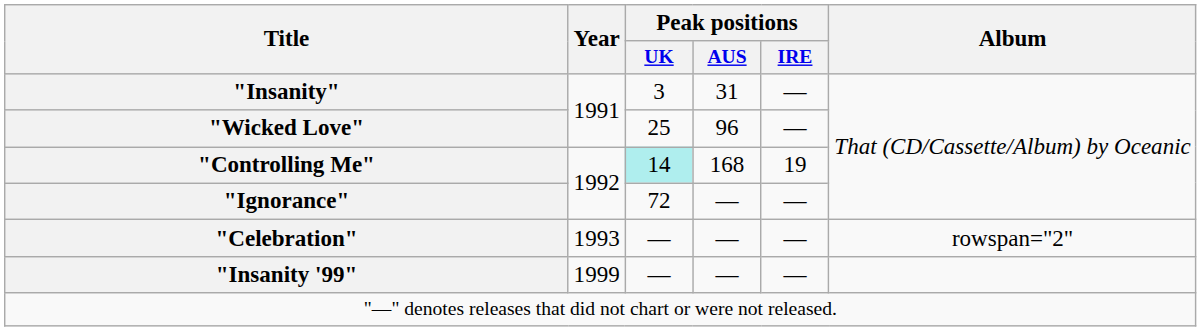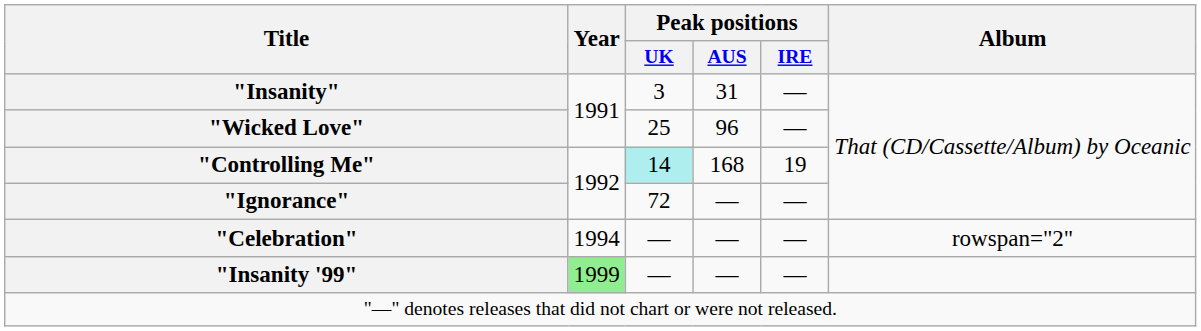 <table class="wikitable plainrowheaders" style="text-align:center;">
 <tr>
 <th rowspan="2" style="width:24em;">Title</th>
 <th rowspan="2">Year</th>
 <th colspan="3">Peak positions</th>
 <th rowspan="2">Album</th>
 </tr>
 <tr>
 <th scope="col" style="width:3em; font-size:85%"><a href='#'>UK</a><br></th>
 <th scope="col" style="width:3em; font-size:85%"><a href='#'>AUS</a><br></th>
 <th scope="col" style="width:3em; font-size:85%"><a href='#'>IRE</a><br></th>
 </tr>
 <tr>
 <th scope="row">"Insanity"</th>
 <td rowspan="2">1991</td>
 <td>3</td>
 <td>31</td>
 <td>—</td>
 <td align="left" rowspan="4"><em>That (CD/Cassette/Album) by Oceanic</em></td>
 </tr>
 <tr>
 <th scope="row">"Wicked Love"</th>
 <td>25</td>
 <td>96</td>
 <td>—</td>
 </tr>
 <tr>
 <th scope="row">"Controlling Me"</th>
 <td rowspan="2">1992</td>
 <td style="background: paleturquoise;">14</td>
 <td>168</td>
 <td>19</td>
 </tr>
 <tr>
 <th scope="row">"Ignorance"</th>
 <td>72</td>
 <td>—</td>
 <td>—</td>
 </tr>
 <tr>
 <th scope="row">"Celebration"</th>
-<td>1993</td>
+<td>1994</td>
 <td>—</td>
 <td>—</td>
 <td>—</td>
 <td>rowspan="2" </td>
 </tr>
 <tr>
 <th scope="row">"Insanity '99"</th>
-<td>1999</td>
+<td style="background: lightgreen;">1999</td>
 <td>—</td>
 <td>—</td>
 <td>—</td>
 </tr>
 <tr>
 <td colspan="12" style="font-size:85%">"—" denotes releases that did not chart or were not released.</td>
 </tr>
 </table>
